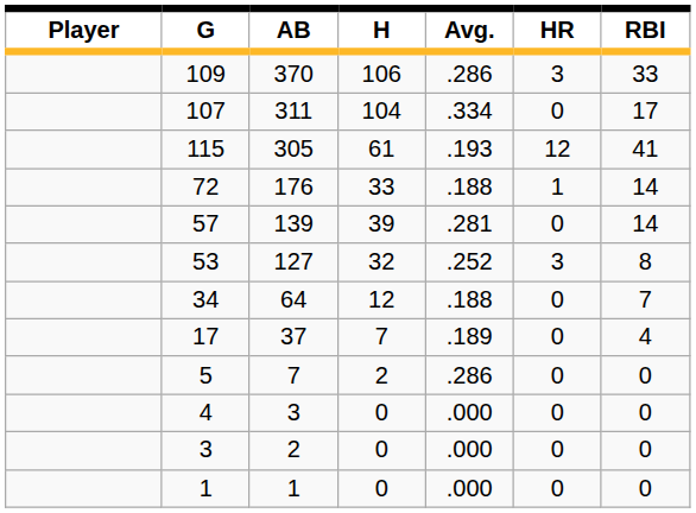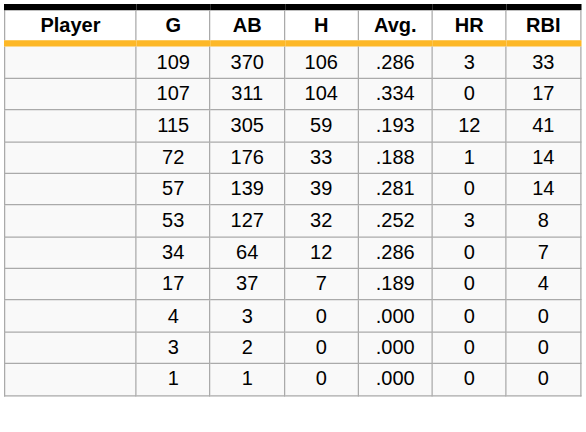 <table class="wikitable sortable">
 <tr>
 <th style="background:#FFFFFF; border-top:#000000 5px solid; border-bottom:#FDB827 5px solid;" width="16%">Player</th>
 <th style="background:#FFFFFF; border-top:#000000 5px solid; border-bottom:#FDB827 5px solid;" width="9%">G</th>
 <th style="background:#FFFFFF; border-top:#000000 5px solid; border-bottom:#FDB827 5px solid;" width="9%">AB</th>
 <th style="background:#FFFFFF; border-top:#000000 5px solid; border-bottom:#FDB827 5px solid;" width="9%">H</th>
 <th style="background:#FFFFFF; border-top:#000000 5px solid; border-bottom:#FDB827 5px solid;" width="9%">Avg.</th>
 <th style="background:#FFFFFF; border-top:#000000 5px solid; border-bottom:#FDB827 5px solid;" width="9%">HR</th>
 <th style="background:#FFFFFF; border-top:#000000 5px solid; border-bottom:#FDB827 5px solid;" width="9%">RBI</th>
 </tr>
 <tr align="center">
 <td></td>
 <td>109</td>
 <td>370</td>
 <td>106</td>
 <td>.286</td>
 <td>3</td>
 <td>33</td>
 </tr>
 <tr align="center">
 <td></td>
 <td>107</td>
 <td>311</td>
 <td>104</td>
 <td>.334</td>
 <td>0</td>
 <td>17</td>
 </tr>
 <tr align="center">
 <td></td>
 <td>115</td>
 <td>305</td>
-<td>61</td>
+<td>59</td>
 <td>.193</td>
 <td>12</td>
 <td>41</td>
 </tr>
 <tr align="center">
 <td></td>
 <td>72</td>
 <td>176</td>
 <td>33</td>
 <td>.188</td>
 <td>1</td>
 <td>14</td>
 </tr>
 <tr align="center">
 <td></td>
 <td>57</td>
 <td>139</td>
 <td>39</td>
 <td>.281</td>
 <td>0</td>
 <td>14</td>
 </tr>
 <tr align="center">
 <td></td>
 <td>53</td>
 <td>127</td>
 <td>32</td>
 <td>.252</td>
 <td>3</td>
 <td>8</td>
 </tr>
 <tr align="center">
 <td></td>
 <td>34</td>
 <td>64</td>
 <td>12</td>
-<td>.188</td>
+<td>.286</td>
 <td>0</td>
 <td>7</td>
 </tr>
 <tr align="center">
 <td></td>
 <td>17</td>
 <td>37</td>
 <td>7</td>
 <td>.189</td>
 <td>0</td>
 <td>4</td>
-</tr>
-<tr align="center">
-<td></td>
-<td>5</td>
-<td>7</td>
-<td>2</td>
-<td>.286</td>
-<td>0</td>
-<td>0</td>
 </tr>
 <tr align="center">
 <td></td>
 <td>4</td>
 <td>3</td>
 <td>0</td>
 <td>.000</td>
 <td>0</td>
 <td>0</td>
 </tr>
 <tr align="center">
 <td></td>
 <td>3</td>
 <td>2</td>
 <td>0</td>
 <td>.000</td>
 <td>0</td>
 <td>0</td>
 </tr>
 <tr align="center">
 <td></td>
 <td>1</td>
 <td>1</td>
 <td>0</td>
 <td>.000</td>
 <td>0</td>
 <td>0</td>
 </tr>
 </table>
